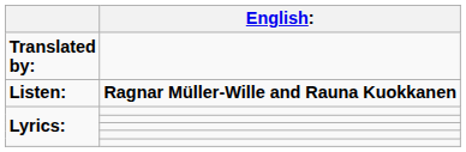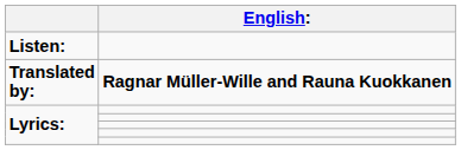 <table class="wikitable">
 <tr>
 <th></th>
 <th><a href='#'>English</a>:</th>
 </tr>
 <tr>
-<td><strong>Translated<br>by:</strong></td>
+<td><strong>Listen:</strong></td>
 <td><br></td>
 </tr>
 <tr>
-<td><strong>Listen:</strong></td>
+<td><strong>Translated<br>by:</strong></td>
 <td><strong>Ragnar Müller-Wille and Rauna Kuokkanen</strong></td>
 </tr>
 <tr>
 <td rowspan="5"><strong>Lyrics:</strong></td>
 <td></td>
 </tr>
 <tr>
 <td></td>
 </tr>
 <tr>
 <td></td>
 </tr>
 <tr>
 <td></td>
 </tr>
 <tr>
 <td></td>
 </tr>
 </table>
